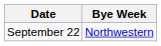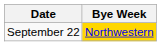 <table class="wikitable" style="font-size:95%;">
 <tr>
 <th>Date</th>
 <th>Bye Week</th>
 </tr>
 <tr>
 <td>September 22</td>
-<td><a href='#'>Northwestern</a></td>
+<td style="background: gold;"><a href='#'>Northwestern</a></td>
 </tr>
 </table>
